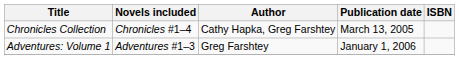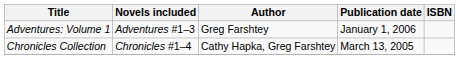 <table class="wikitable">
 <tr>
 <th>Title</th>
 <th>Novels included</th>
 <th>Author</th>
 <th>Publication date</th>
 <th>ISBN</th>
 </tr>
 <tr>
+<td><em>Adventures: Volume 1</em></td>
+<td><em>Adventures</em> #1–3</td>
+<td>Greg Farshtey</td>
+<td>January 1, 2006</td>
+<td></td>
+</tr>
+<tr>
 <td><em>Chronicles Collection</em></td>
 <td><em>Chronicles</em> #1–4</td>
 <td>Cathy Hapka, Greg Farshtey</td>
 <td>March 13, 2005</td>
 <td></td>
 </tr>
 <tr>
-<td><em>Adventures: Volume 1</em></td>
-<td><em>Adventures</em> #1–3</td>
-<td>Greg Farshtey</td>
-<td>January 1, 2006</td>
-<td></td>
-</tr>
-<tr>
 </tr>
 <tr>
 </tr>
 </table>
